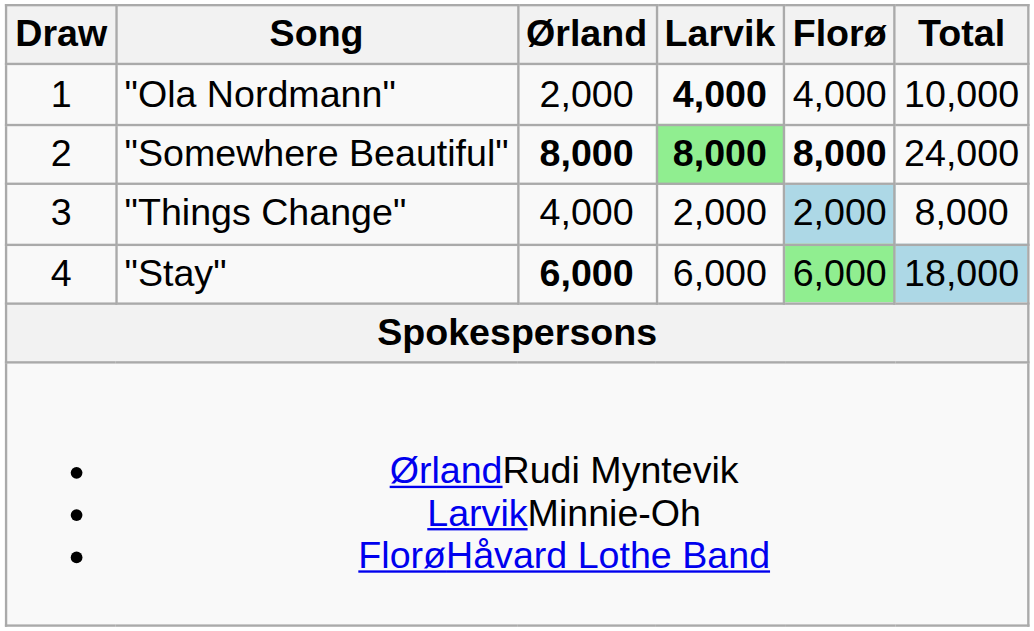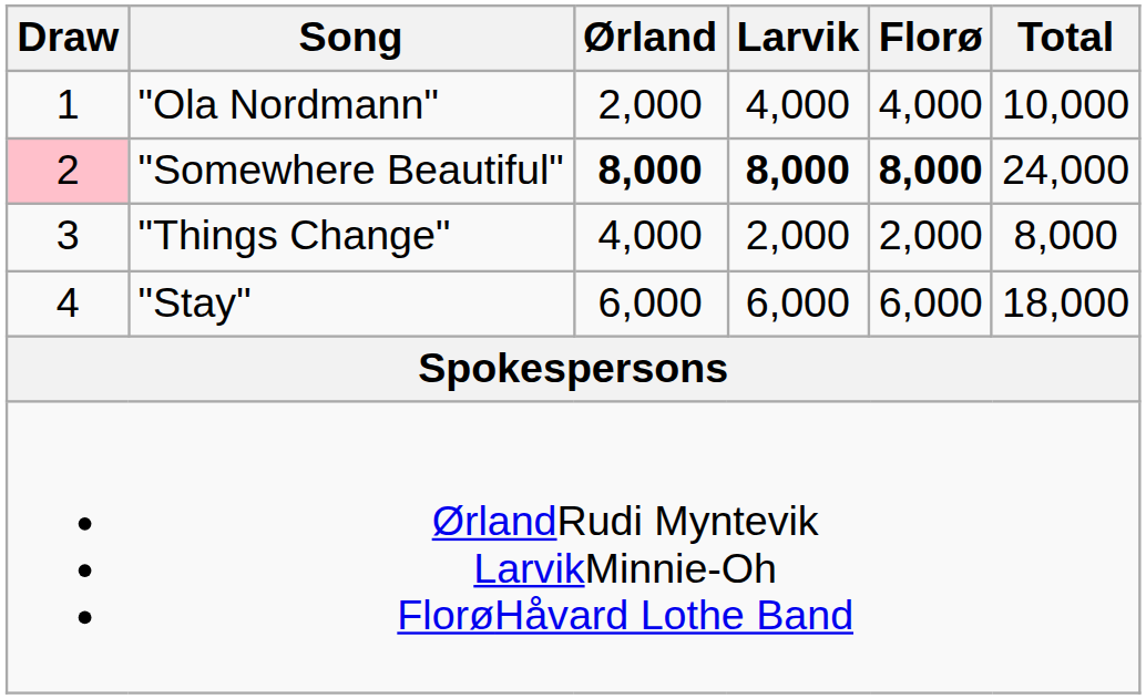 <table class="wikitable collapsible" style="margin: 1em auto 1em auto; text-align:center;">
 <tr>
 <th>Draw</th>
 <th>Song</th>
 <th>Ørland</th>
 <th>Larvik</th>
 <th>Florø</th>
 <th>Total</th>
 </tr>
 <tr>
 <td>1</td>
 <td align=left>"Ola Nordmann"</td>
 <td>2,000</td>
-<td><strong>4,000</strong></td>
+<td>4,000</td>
 <td>4,000</td>
 <td>10,000</td>
 </tr>
 <tr>
-<td>2</td>
+<td style="background: pink;">2</td>
 <td align=left>"Somewhere Beautiful"</td>
 <td><strong>8,000</strong></td>
-<td style="background: lightgreen;"><strong>8,000</strong></td>
+<td><strong>8,000</strong></td>
 <td><strong>8,000</strong></td>
 <td>24,000</td>
 </tr>
 <tr>
 <td>3</td>
 <td align=left>"Things Change"</td>
 <td>4,000</td>
 <td>2,000</td>
-<td style="background: lightblue;">2,000</td>
+<td>2,000</td>
 <td>8,000</td>
 </tr>
 <tr>
 <td>4</td>
 <td align=left>"Stay"</td>
-<td><strong>6,000</strong></td>
 <td>6,000</td>
-<td style="background: lightgreen;">6,000</td>
-<td style="background: lightblue;">18,000</td>
+<td>6,000</td>
+<td>6,000</td>
+<td>18,000</td>
 </tr>
 <tr>
 <th colspan="6">Spokespersons</th>
 </tr>
 <tr>
 <td colspan="6"><br><ul><li><a href='#'>Ørland</a>Rudi Myntevik</li><li><a href='#'>Larvik</a>Minnie-Oh</li><li><a href='#'>Florø</a><a href='#'>Håvard Lothe Band</a></li></ul></td>
 </tr>
 </table>
